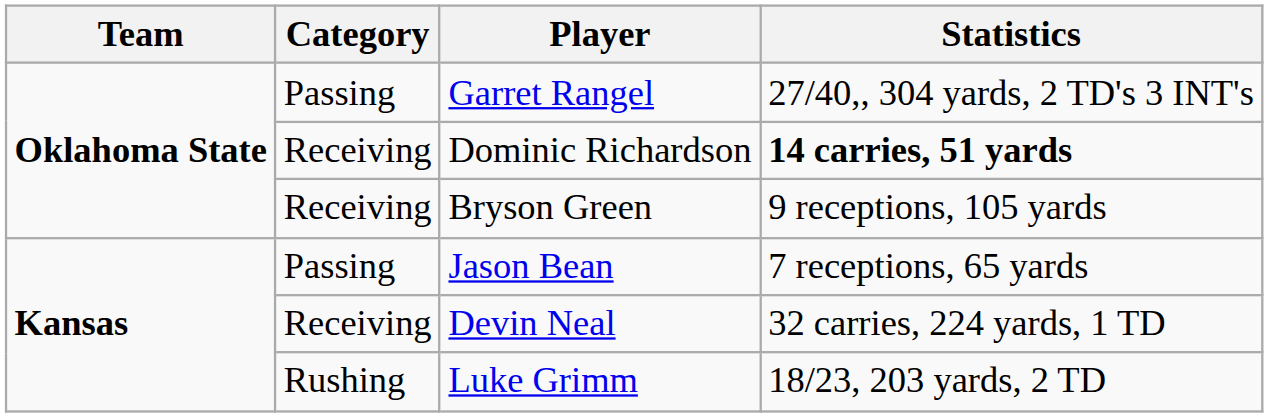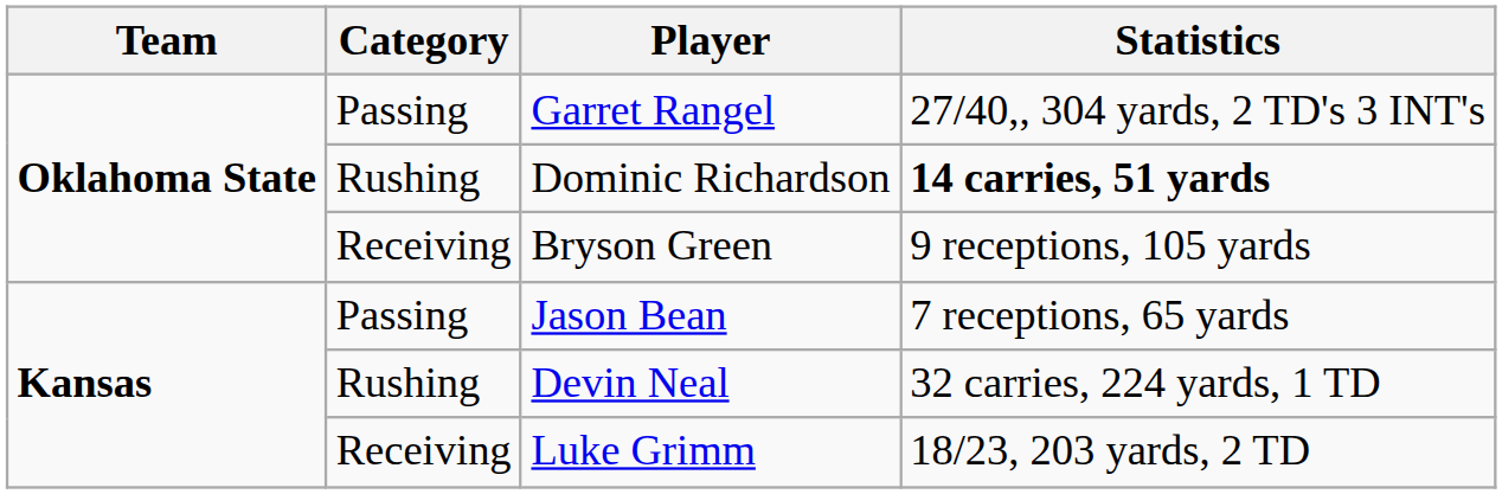 <table class="wikitable" style="float: right;">
 <tr>
 <th>Team</th>
 <th>Category</th>
 <th>Player</th>
 <th>Statistics</th>
 </tr>
 <tr>
 <td rowspan=3><strong>Oklahoma State</strong></td>
 <td>Passing</td>
 <td><a href='#'>Garret Rangel</a></td>
 <td>27/40,, 304 yards, 2 TD's 3 INT's</td>
 </tr>
 <tr>
-<td>Receiving</td>
+<td>Rushing</td>
 <td>Dominic Richardson</td>
 <td><strong>14 carries, 51 yards</strong></td>
 </tr>
 <tr>
 <td>Receiving</td>
 <td>Bryson Green</td>
 <td>9 receptions, 105 yards</td>
 </tr>
 <tr>
 <td rowspan=3><strong>Kansas</strong></td>
 <td>Passing</td>
 <td><a href='#'>Jason Bean</a></td>
 <td>7 receptions, 65 yards</td>
 </tr>
 <tr>
-<td>Receiving</td>
+<td>Rushing</td>
 <td><a href='#'>Devin Neal</a></td>
 <td>32 carries, 224 yards, 1 TD</td>
 </tr>
 <tr>
-<td>Rushing</td>
+<td>Receiving</td>
 <td><a href='#'>Luke Grimm</a></td>
 <td>18/23, 203 yards, 2 TD</td>
 </tr>
 </table>
